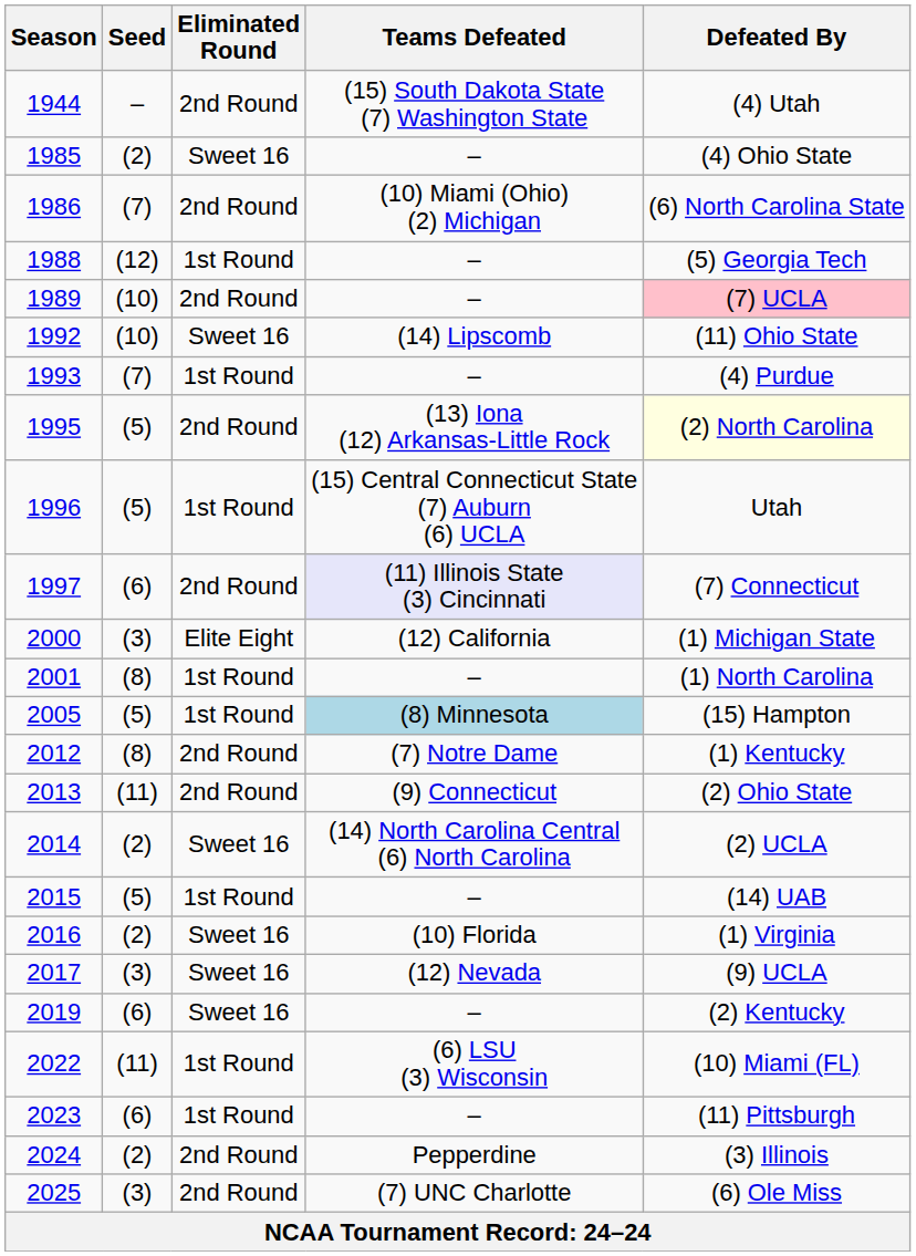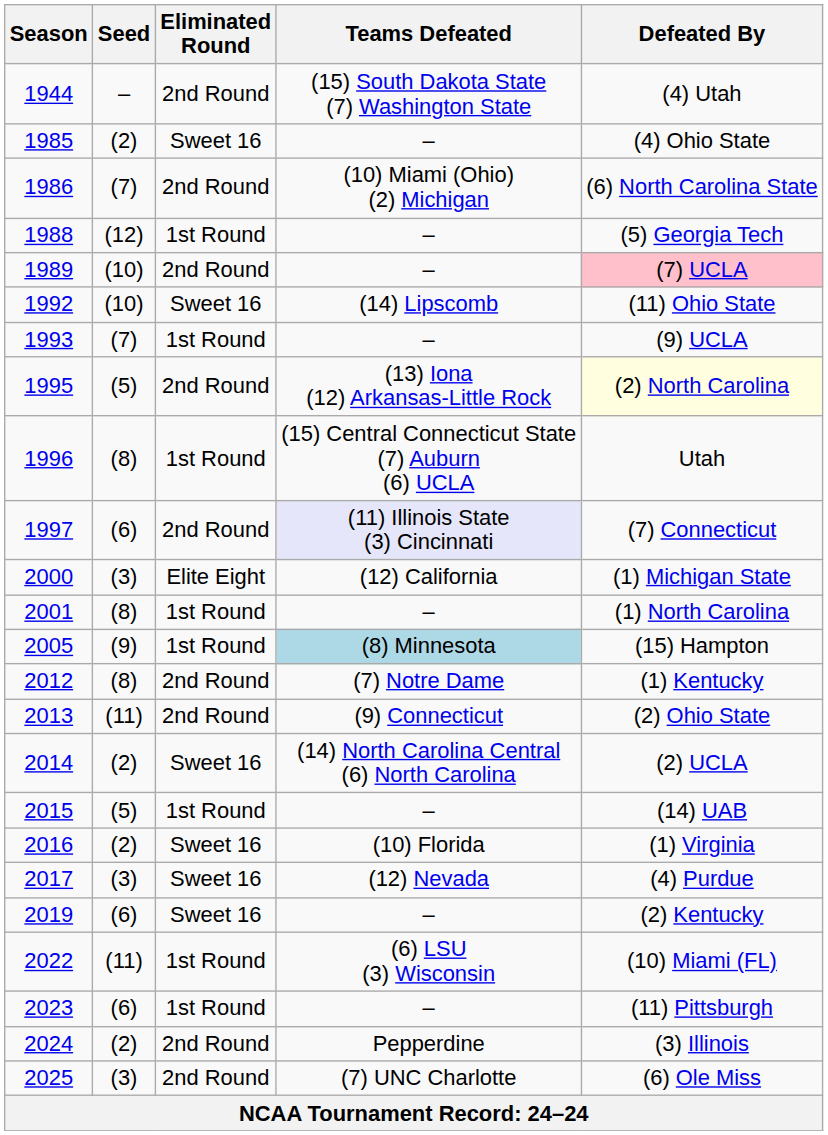 <table class="wikitable" style="text-align: center">
 <tr align=center>
 <th>Season</th>
 <th>Seed</th>
 <th>Eliminated <br>Round</th>
 <th>Teams Defeated</th>
 <th>Defeated By</th>
 </tr>
 <tr>
 <td><a href='#'>1944</a></td>
 <td>–</td>
 <td>2nd Round</td>
 <td>(15) <a href='#'>South Dakota State</a><br>(7) <a href='#'>Washington State</a></td>
 <td>(4) Utah</td>
 </tr>
 <tr>
 <td><a href='#'>1985</a></td>
 <td>(2)</td>
 <td>Sweet 16</td>
 <td>–</td>
 <td>(4) Ohio State</td>
 </tr>
 <tr>
 <td><a href='#'>1986</a></td>
 <td>(7)</td>
 <td>2nd Round</td>
 <td>(10) Miami (Ohio)<br>(2) <a href='#'>Michigan</a></td>
 <td>(6) <a href='#'>North Carolina State</a></td>
 </tr>
 <tr>
 <td><a href='#'>1988</a></td>
 <td>(12)</td>
 <td>1st Round</td>
 <td>–</td>
 <td>(5) <a href='#'>Georgia Tech</a></td>
 </tr>
 <tr>
 <td><a href='#'>1989</a></td>
 <td>(10)</td>
 <td>2nd Round</td>
 <td>–</td>
 <td style="background: pink;">(7) <a href='#'>UCLA</a></td>
 </tr>
 <tr>
 <td><a href='#'>1992</a></td>
 <td>(10)</td>
 <td>Sweet 16</td>
 <td>(14) <a href='#'>Lipscomb</a></td>
 <td>(11) <a href='#'>Ohio State</a></td>
 </tr>
 <tr>
 <td><a href='#'>1993</a></td>
 <td>(7)</td>
 <td>1st Round</td>
 <td>–</td>
-<td>(4) <a href='#'>Purdue</a></td>
+<td>(9) <a href='#'>UCLA</a></td>
 </tr>
 <tr>
 <td><a href='#'>1995</a></td>
 <td>(5)</td>
 <td>2nd Round</td>
 <td>(13) <a href='#'>Iona</a><br>(12) <a href='#'>Arkansas-Little Rock</a></td>
 <td style="background: lightyellow;">(2) <a href='#'>North Carolina</a></td>
 </tr>
 <tr>
 <td><a href='#'>1996</a></td>
-<td>(5)</td>
+<td>(8)</td>
 <td>1st Round</td>
 <td>(15) Central Connecticut State<br>(7) <a href='#'>Auburn</a><br>(6) <a href='#'>UCLA</a></td>
 <td>Utah</td>
 </tr>
 <tr>
 <td><a href='#'>1997</a></td>
 <td>(6)</td>
 <td>2nd Round</td>
 <td style="background: lavender;">(11) Illinois State<br>(3) Cincinnati</td>
 <td>(7) <a href='#'>Connecticut</a></td>
 </tr>
 <tr>
 <td><a href='#'>2000</a></td>
 <td>(3)</td>
 <td>Elite Eight</td>
 <td>(12) California</td>
 <td>(1) <a href='#'>Michigan State</a></td>
 </tr>
 <tr>
 <td><a href='#'>2001</a></td>
 <td>(8)</td>
 <td>1st Round</td>
 <td>–</td>
 <td>(1) <a href='#'>North Carolina</a></td>
 </tr>
 <tr>
 <td><a href='#'>2005</a></td>
-<td>(5)</td>
+<td>(9)</td>
 <td>1st Round</td>
 <td style="background: lightblue;">(8) Minnesota</td>
 <td>(15) Hampton</td>
 </tr>
 <tr>
 <td><a href='#'>2012</a></td>
 <td>(8)</td>
 <td>2nd Round</td>
 <td>(7) <a href='#'>Notre Dame</a></td>
 <td>(1) <a href='#'>Kentucky</a></td>
 </tr>
 <tr>
 <td><a href='#'>2013</a></td>
 <td>(11)</td>
 <td>2nd Round</td>
 <td>(9) <a href='#'>Connecticut</a></td>
 <td>(2) <a href='#'>Ohio State</a></td>
 </tr>
 <tr>
 <td><a href='#'>2014</a></td>
 <td>(2)</td>
 <td>Sweet 16</td>
 <td>(14) <a href='#'>North Carolina Central</a><br>(6) <a href='#'>North Carolina</a></td>
 <td>(2) <a href='#'>UCLA</a></td>
 </tr>
 <tr>
 <td><a href='#'>2015</a></td>
 <td>(5)</td>
 <td>1st Round</td>
 <td>–</td>
 <td>(14) <a href='#'>UAB</a></td>
 </tr>
 <tr>
 <td><a href='#'>2016</a></td>
 <td>(2)</td>
 <td>Sweet 16</td>
 <td>(10) Florida</td>
 <td>(1) <a href='#'>Virginia</a></td>
 </tr>
 <tr>
 <td><a href='#'>2017</a></td>
 <td>(3)</td>
 <td>Sweet 16</td>
 <td>(12) <a href='#'>Nevada</a></td>
-<td>(9) <a href='#'>UCLA</a></td>
+<td>(4) <a href='#'>Purdue</a></td>
 </tr>
 <tr>
 <td><a href='#'>2019</a></td>
 <td>(6)</td>
 <td>Sweet 16</td>
 <td>–</td>
 <td>(2) <a href='#'>Kentucky</a></td>
 </tr>
 <tr>
 <td><a href='#'>2022</a></td>
 <td>(11)</td>
 <td>1st Round</td>
 <td>(6) <a href='#'>LSU</a><br>(3) <a href='#'>Wisconsin</a></td>
 <td>(10) <a href='#'>Miami (FL)</a></td>
 </tr>
 <tr>
 <td><a href='#'>2023</a></td>
 <td>(6)</td>
 <td>1st Round</td>
 <td>–</td>
 <td>(11) <a href='#'>Pittsburgh</a></td>
 </tr>
 <tr>
 <td><a href='#'>2024</a></td>
 <td>(2)</td>
 <td>2nd Round</td>
 <td>Pepperdine</td>
 <td>(3) <a href='#'>Illinois</a></td>
 </tr>
 <tr>
 <td><a href='#'>2025</a></td>
 <td>(3)</td>
 <td>2nd Round</td>
 <td>(7) UNC Charlotte</td>
 <td>(6) <a href='#'>Ole Miss</a></td>
 </tr>
 <tr>
 <th colspan="8">NCAA Tournament Record: 24–24</th>
 </tr>
 </table>
